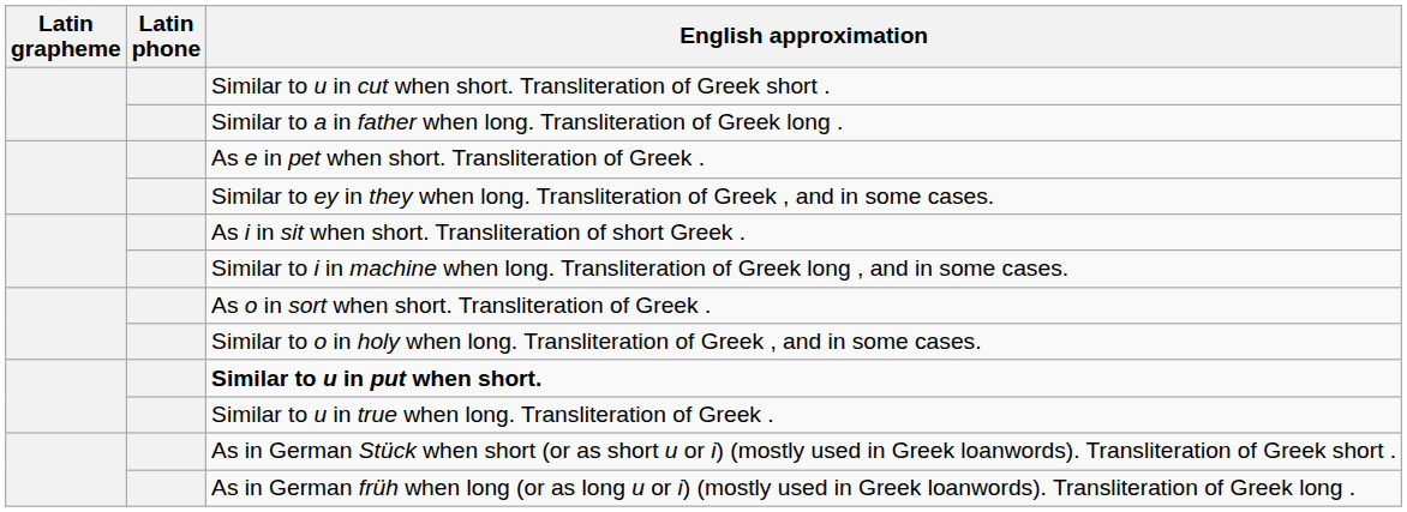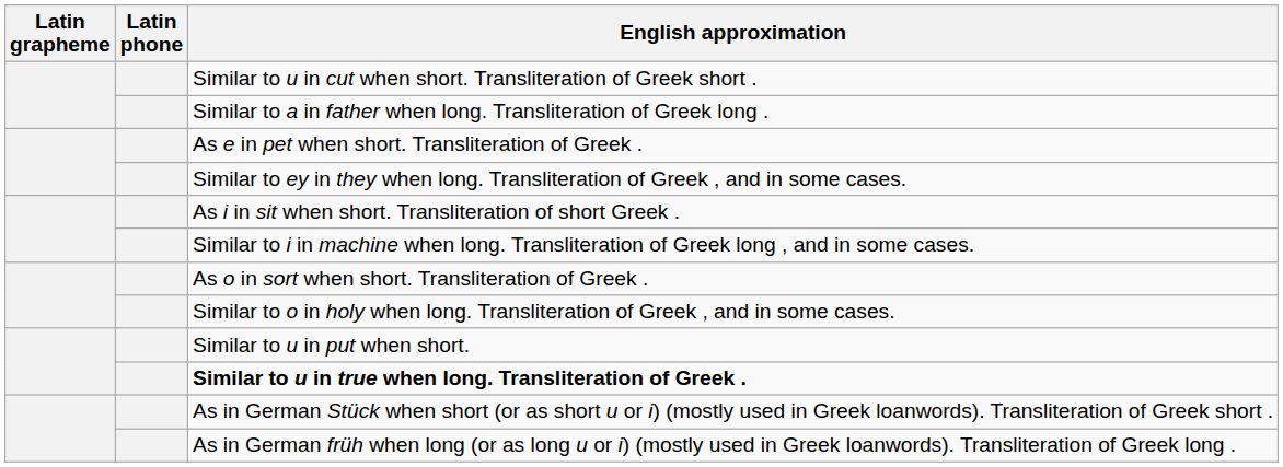 <table class=wikitable>
 <tr>
 <th>Latin<br>grapheme</th>
 <th>Latin<br>phone</th>
 <th>English approximation</th>
 </tr>
 <tr>
 <th rowspan="2"></th>
 <th></th>
 <td>Similar to <em>u</em> in <em>cut</em> when short. Transliteration of Greek short .</td>
 </tr>
 <tr>
 <th></th>
 <td>Similar to <em>a</em> in <em>father</em> when long. Transliteration of Greek long .</td>
 </tr>
 <tr>
 <th rowspan="2"></th>
 <th></th>
 <td>As <em>e</em> in <em>pet</em> when short. Transliteration of Greek .</td>
 </tr>
 <tr>
 <th></th>
 <td>Similar to <em>ey</em> in <em>they</em> when long. Transliteration of Greek , and  in some cases.</td>
 </tr>
 <tr>
 <th rowspan="2"></th>
 <th></th>
 <td>As <em>i</em> in <em>sit</em> when short. Transliteration of short Greek .</td>
 </tr>
 <tr>
 <th></th>
 <td>Similar to <em>i</em> in <em>machine</em> when long. Transliteration of Greek long , and  in some cases.</td>
 </tr>
 <tr>
 <th rowspan="2"></th>
 <th></th>
 <td>As <em>o</em> in <em>sort</em> when short. Transliteration of Greek .</td>
 </tr>
 <tr>
 <th></th>
 <td>Similar to <em>o</em> in <em>holy</em> when long. Transliteration of Greek , and  in some cases.</td>
 </tr>
 <tr>
 <th rowspan="2"></th>
 <th></th>
-<td><strong>Similar to <em>u</em> in <em>put</em> when short.</strong></td>
+<td>Similar to <em>u</em> in <em>put</em> when short.</td>
 </tr>
 <tr>
 <th></th>
-<td>Similar to <em>u</em> in <em>true</em> when long. Transliteration of Greek .</td>
+<td><strong>Similar to <em>u</em> in <em>true</em> when long. Transliteration of Greek .</strong></td>
 </tr>
 <tr>
 <th rowspan="2"></th>
 <th></th>
 <td>As in German <em>Stück</em> when short (or as short <em>u</em> or <em>i</em>) (mostly used in Greek loanwords). Transliteration of Greek short .</td>
 </tr>
 <tr>
 <th></th>
 <td>As in German <em>früh</em> when long (or as long <em>u</em> or <em>i</em>) (mostly used in Greek loanwords). Transliteration of Greek long .</td>
 </tr>
 </table>
